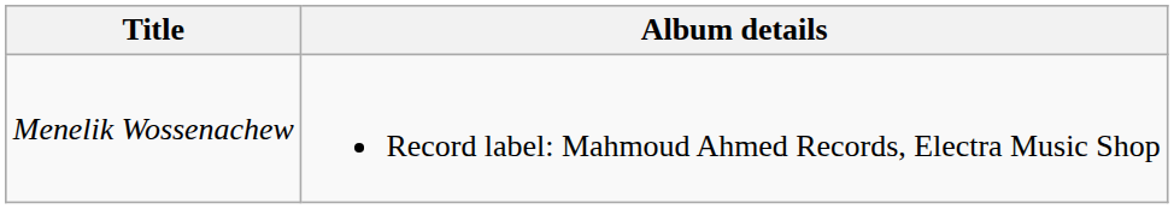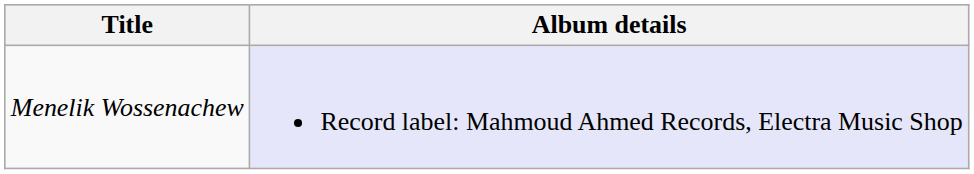 <table class="wikitable mw-collapsible plainrowheaders" style="text-align:center;">
 <tr>
 <th>Title</th>
 <th scope="col" style="padding:0 8px;">Album details</th>
 </tr>
 <tr>
 <td><em>Menelik Wossenachew</em></td>
-<td><br><ul><li>Record label: Mahmoud Ahmed Records, Electra Music Shop</li></ul></td>
+<td style="background: lavender;"><br><ul><li>Record label: Mahmoud Ahmed Records, Electra Music Shop</li></ul></td>
 </tr>
 </table>
